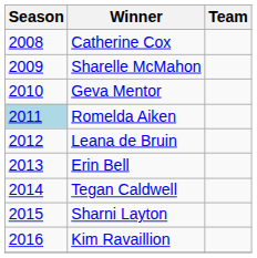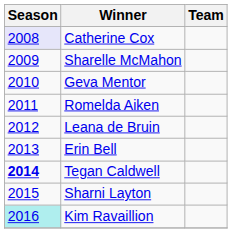 <table class="wikitable collapsible">
 <tr>
 <th>Season</th>
 <th>Winner</th>
 <th>Team</th>
 </tr>
 <tr>
-<td><a href='#'>2008</a></td>
+<td style="background: lavender;"><a href='#'>2008</a></td>
 <td> <a href='#'>Catherine Cox</a></td>
 <td></td>
 </tr>
 <tr>
 <td><a href='#'>2009</a></td>
 <td> <a href='#'>Sharelle McMahon</a></td>
 <td></td>
 </tr>
 <tr>
 <td><a href='#'>2010</a></td>
 <td> <a href='#'>Geva Mentor</a></td>
 <td></td>
 </tr>
 <tr>
-<td style="background: lightblue;"><a href='#'>2011</a></td>
+<td><a href='#'>2011</a></td>
 <td> <a href='#'>Romelda Aiken</a></td>
 <td></td>
 </tr>
 <tr>
 <td><a href='#'>2012</a></td>
 <td> <a href='#'>Leana de Bruin</a></td>
 <td></td>
 </tr>
 <tr>
 <td><a href='#'>2013</a></td>
 <td> <a href='#'>Erin Bell</a></td>
 <td></td>
 </tr>
 <tr>
-<td><a href='#'>2014</a></td>
+<td><strong><a href='#'>2014</a></strong></td>
 <td> <a href='#'>Tegan Caldwell</a></td>
 <td></td>
 </tr>
 <tr>
 <td><a href='#'>2015</a></td>
 <td> <a href='#'>Sharni Layton</a> <em></em></td>
 <td></td>
 </tr>
 <tr>
-<td><a href='#'>2016</a></td>
+<td style="background: paleturquoise;"><a href='#'>2016</a></td>
 <td> <a href='#'>Kim Ravaillion</a>  <em></em></td>
 <td></td>
 </tr>
 <tr>
 </tr>
 </table>
